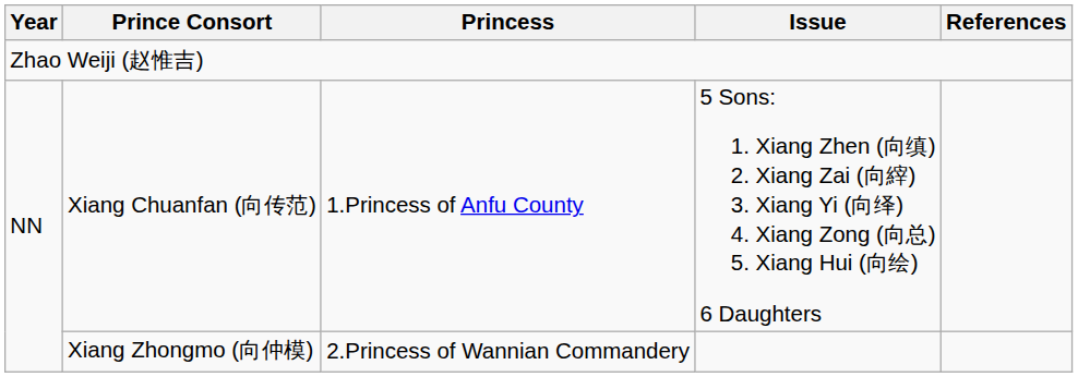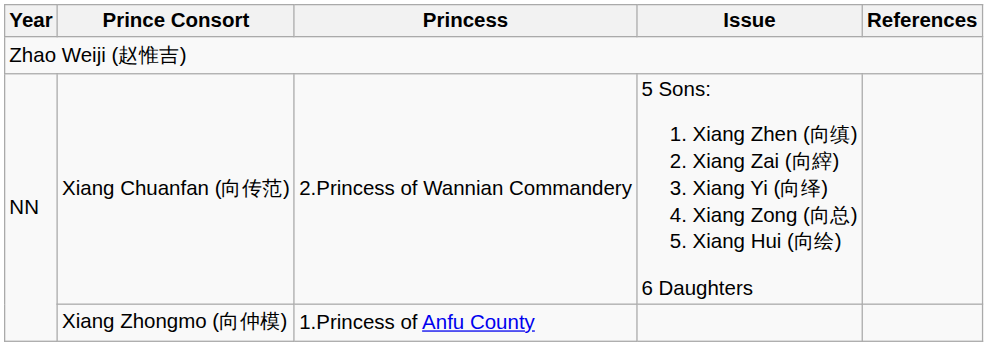 <table class="wikitable">
 <tr>
 <th>Year</th>
 <th>Prince Consort</th>
 <th>Princess</th>
 <th>Issue</th>
 <th>References</th>
 </tr>
 <tr>
 <td colspan="5">Zhao Weiji (赵惟吉)</td>
 </tr>
 <tr>
 <td rowspan="2">NN</td>
 <td>Xiang Chuanfan (向传范)</td>
-<td>1.Princess of <a href='#'>Anfu County</a></td>
+<td>2.Princess of Wannian Commandery</td>
 <td>5 Sons:<br><ol><li>Xiang Zhen (向缜)</li><li>Xiang Zai (向縡)</li><li>Xiang Yi (向绎)</li><li>Xiang Zong (向总)</li><li>Xiang Hui (向绘)</li></ol>6 Daughters</td>
 <td></td>
 </tr>
 <tr>
 <td>Xiang Zhongmo (向仲模)</td>
-<td>2.Princess of Wannian Commandery</td>
+<td>1.Princess of <a href='#'>Anfu County</a></td>
 <td></td>
 <td></td>
 </tr>
 </table>
